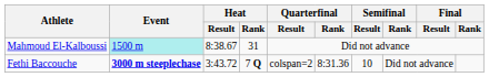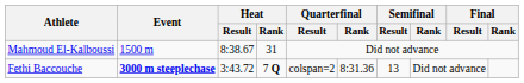 <table class="wikitable" style="font-size:90%">
 <tr>
 <th rowspan="2">Athlete</th>
 <th rowspan="2">Event</th>
 <th colspan="2">Heat</th>
 <th colspan="2">Quarterfinal</th>
 <th colspan="2">Semifinal</th>
 <th colspan="2">Final</th>
 </tr>
 <tr style="font-size:95%">
 <th>Result</th>
 <th>Rank</th>
 <th>Result</th>
 <th>Rank</th>
 <th>Result</th>
 <th>Rank</th>
 <th>Result</th>
 <th>Rank</th>
 </tr>
 <tr align=center>
 <td align=left><a href='#'>Mahmoud El-Kalboussi</a></td>
-<td align=left style="background: paleturquoise;"><a href='#'>1500 m</a></td>
+<td align=left><a href='#'>1500 m</a></td>
 <td>8:38.67</td>
 <td>31</td>
 <td colspan=6>Did not advance</td>
 </tr>
 <tr align=center>
 <td align=left><a href='#'>Fethi Baccouche</a></td>
 <td align=left><strong><a href='#'>3000 m steeplechase</a></strong></td>
 <td>3:43.72</td>
 <td>7 <strong>Q</strong></td>
 <td>colspan=2 </td>
 <td>8:31.36</td>
-<td>10</td>
+<td>13</td>
 <td colspan=2>Did not advance</td>
 </tr>
 </table>
